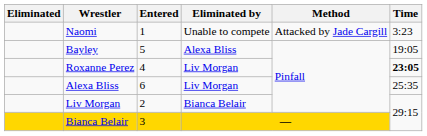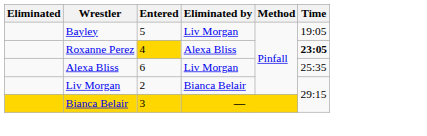 <table class="wikitable sortable">
 <tr>
 <th>Eliminated</th>
 <th>Wrestler</th>
 <th>Entered</th>
 <th>Eliminated by</th>
 <th>Method</th>
 <th>Time</th>
 </tr>
 <tr>
 <td></td>
-<td><a href='#'>Naomi</a></td>
-<td>1</td>
-<td>Unable to compete</td>
-<td>Attacked by <a href='#'>Jade Cargill</a></td>
-<td>3:23</td>
-</tr>
-<tr>
-<td></td>
 <td><a href='#'>Bayley</a></td>
 <td>5</td>
-<td><a href='#'>Alexa Bliss</a></td>
+<td><a href='#'>Liv Morgan</a></td>
 <td rowspan=4><a href='#'>Pinfall</a></td>
 <td>19:05</td>
 </tr>
 <tr>
 <td></td>
 <td><a href='#'>Roxanne Perez</a></td>
-<td>4</td>
-<td><a href='#'>Liv Morgan</a></td>
+<td style="background: gold;">4</td>
+<td><a href='#'>Alexa Bliss</a></td>
 <td><strong>23:05</strong></td>
 </tr>
 <tr>
 <td></td>
 <td><a href='#'>Alexa Bliss</a></td>
 <td>6</td>
 <td><a href='#'>Liv Morgan</a></td>
 <td>25:35</td>
 </tr>
 <tr>
 <td></td>
 <td><a href='#'>Liv Morgan</a></td>
 <td>2</td>
 <td><a href='#'>Bianca Belair</a></td>
 <td rowspan=2>29:15</td>
 </tr>
 <tr style="background: gold">
 <td></td>
 <td><a href='#'>Bianca Belair</a></td>
 <td>3</td>
 <td colspan="2" align=center><strong>—</strong></td>
 </tr>
 </table>
